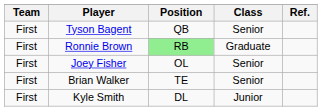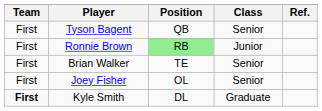 <table class="wikitable" style="width:75%; text-align:center;">
 <tr>
 </tr>
 <tr>
 <th>Team</th>
 <th>Player</th>
 <th>Position</th>
 <th>Class</th>
 <th>Ref.</th>
 </tr>
 <tr>
 <td>First</td>
 <td><a href='#'>Tyson Bagent</a></td>
 <td>QB</td>
 <td>Senior</td>
 <td></td>
 </tr>
 <tr>
 <td>First</td>
 <td><a href='#'>Ronnie Brown</a></td>
 <td style="background: lightgreen;">RB</td>
-<td>Graduate</td>
-<td></td>
-</tr>
-<tr>
-<td>First</td>
-<td><a href='#'>Joey Fisher</a></td>
-<td>OL</td>
-<td>Senior</td>
+<td>Junior</td>
 <td></td>
 </tr>
 <tr>
 <td>First</td>
 <td>Brian Walker</td>
 <td>TE</td>
 <td>Senior</td>
 <td></td>
 </tr>
 <tr>
 <td>First</td>
+<td><a href='#'>Joey Fisher</a></td>
+<td>OL</td>
+<td>Senior</td>
+<td></td>
+</tr>
+<tr>
+<td><strong>First</strong></td>
 <td>Kyle Smith</td>
 <td>DL</td>
-<td>Junior</td>
+<td>Graduate</td>
 <td></td>
 </tr>
 </table>
